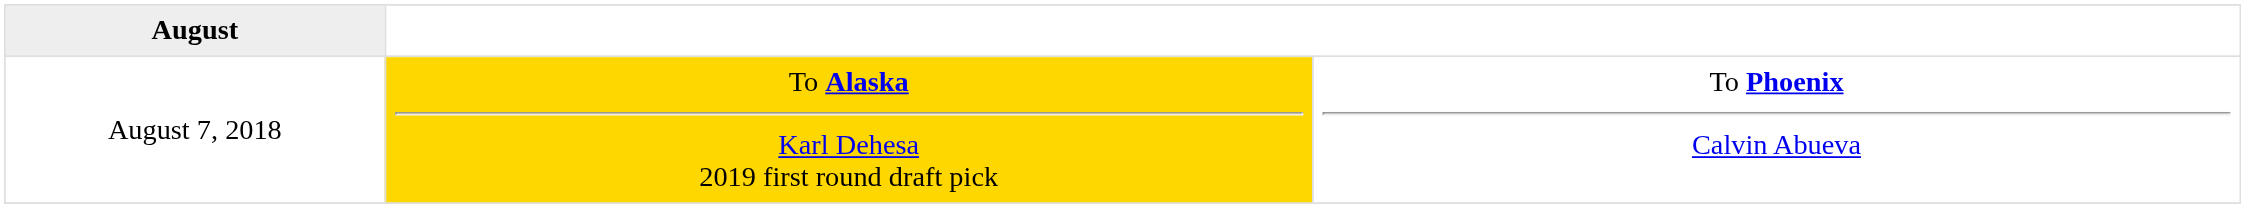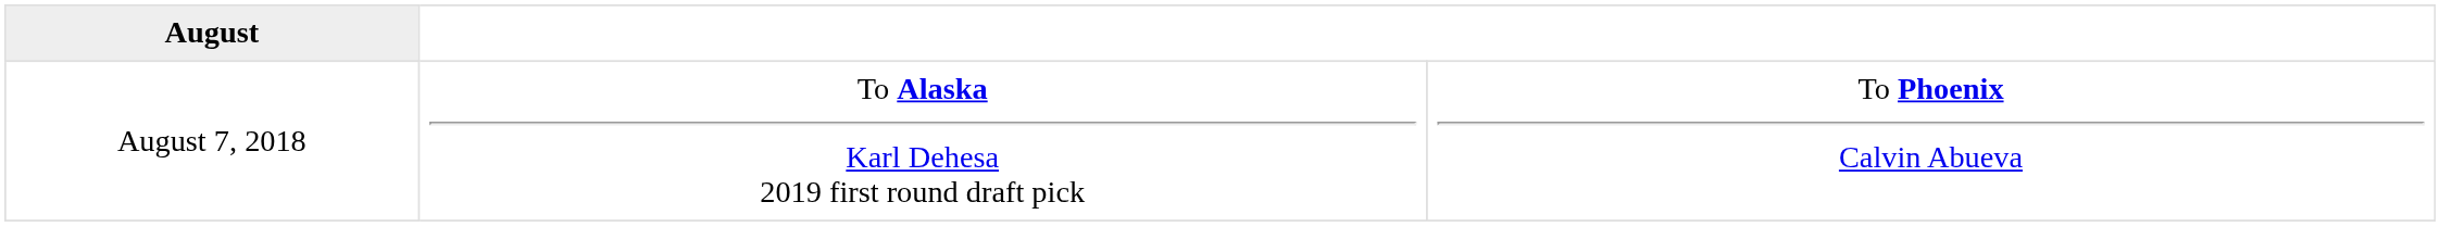 <table border=1 style="border-collapse:collapse; text-align: center; width: 100%" bordercolor="#DFDFDF"  cellpadding="5">
 <tr bgcolor="eeeeee">
 <th>August</th>
 </tr>
 <tr>
 <td style="width:12%">August 7, 2018 </td>
-<td style="background: gold; width:29.3%" valign="top">To <strong><a href='#'>Alaska</a></strong> <hr> <a href='#'>Karl Dehesa</a> <br> 2019 first round draft pick</td>
+<td style="width:29.3%" valign="top">To <strong><a href='#'>Alaska</a></strong> <hr> <a href='#'>Karl Dehesa</a> <br> 2019 first round draft pick</td>
 <td style="width:29.3%" valign="top">To <strong><a href='#'>Phoenix</a></strong> <hr> <a href='#'>Calvin Abueva</a></td>
 </tr>
 </table>
